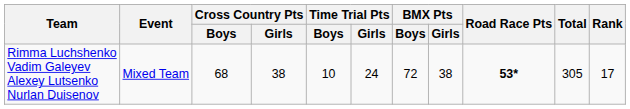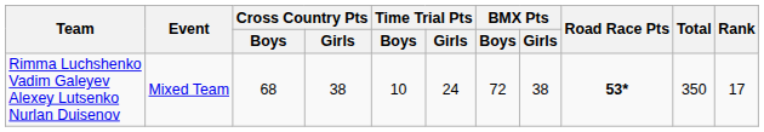 <table class="wikitable" border="1" style="font-size:90%">
 <tr>
 <th rowspan=2>Team</th>
 <th rowspan=2>Event</th>
 <th colspan=2>Cross Country Pts</th>
 <th colspan=2>Time Trial Pts</th>
 <th colspan=2>BMX Pts</th>
 <th rowspan=2>Road Race Pts</th>
 <th rowspan=2>Total</th>
 <th rowspan=2>Rank</th>
 </tr>
 <tr>
 <th>Boys</th>
 <th>Girls</th>
 <th>Boys</th>
 <th>Girls</th>
 <th>Boys</th>
 <th>Girls</th>
 </tr>
 <tr>
 <td><a href='#'>Rimma Luchshenko</a><br><a href='#'>Vadim Galeyev</a><br><a href='#'>Alexey Lutsenko</a><br><a href='#'>Nurlan Duisenov</a></td>
 <td><a href='#'>Mixed Team</a></td>
 <td align=center>68</td>
 <td align=center>38</td>
 <td align=center>10</td>
 <td align=center>24</td>
 <td align=center>72</td>
 <td align=center>38</td>
 <td align=center><strong>53*</strong></td>
-<td align=center>305</td>
+<td align=center>350</td>
 <td align=center>17</td>
 </tr>
 </table>
